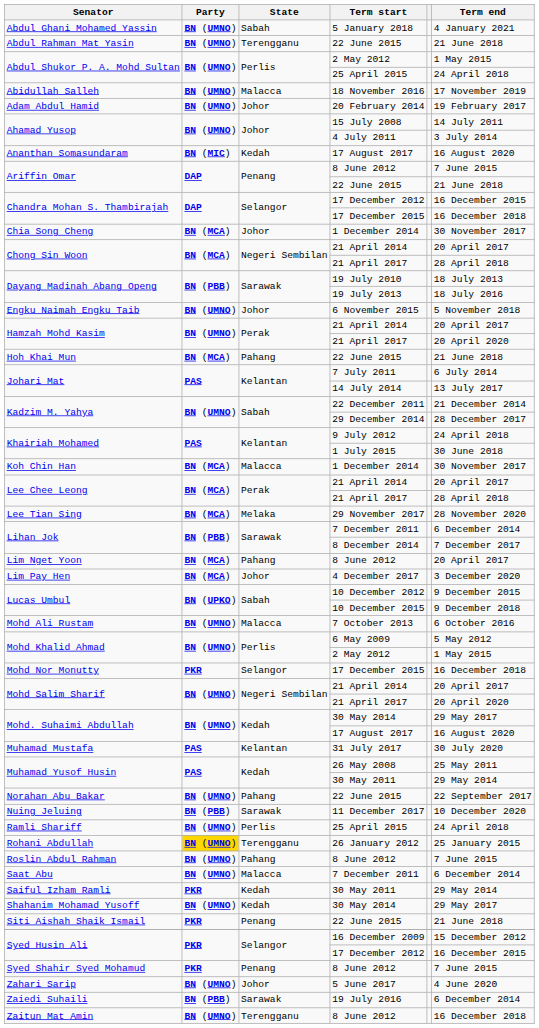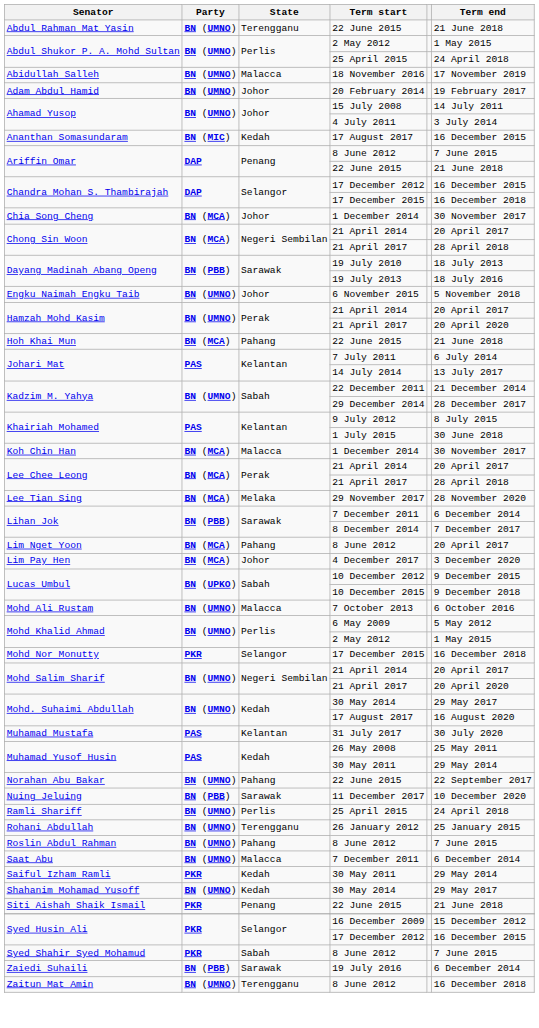 <table class="wikitable sortable">
 <tr>
 <th>Senator</th>
 <th>Party</th>
 <th>State</th>
 <th>Term start</th>
 <th></th>
 <th>Term end</th>
-</tr>
-<tr>
-<td><a href='#'>Abdul Ghani Mohamed Yassin</a></td>
-<td><strong><a href='#'>BN</a></strong> (<strong><a href='#'>UMNO</a></strong>)</td>
-<td>Sabah</td>
-<td>5 January 2018</td>
-<td></td>
-<td>4 January 2021</td>
 </tr>
 <tr>
 <td><a href='#'>Abdul Rahman Mat Yasin</a></td>
 <td><strong><a href='#'>BN</a></strong> (<strong><a href='#'>UMNO</a></strong>)</td>
 <td>Terengganu</td>
 <td>22 June 2015</td>
 <td></td>
 <td>21 June 2018</td>
 </tr>
 <tr>
 <td rowspan=2><a href='#'>Abdul Shukor P. A. Mohd Sultan</a></td>
 <td rowspan=2><strong><a href='#'>BN</a></strong> (<strong><a href='#'>UMNO</a></strong>)</td>
 <td rowspan=2>Perlis</td>
 <td>2 May 2012</td>
 <td></td>
 <td>1 May 2015</td>
 </tr>
 <tr>
 <td>25 April 2015</td>
 <td></td>
 <td>24 April 2018</td>
 </tr>
 <tr>
 <td><a href='#'>Abidullah Salleh</a></td>
 <td><strong><a href='#'>BN</a></strong> (<strong><a href='#'>UMNO</a></strong>)</td>
 <td>Malacca</td>
 <td>18 November 2016</td>
 <td></td>
 <td>17 November 2019</td>
 </tr>
 <tr>
 <td><a href='#'>Adam Abdul Hamid</a></td>
 <td><strong><a href='#'>BN</a></strong> (<strong><a href='#'>UMNO</a></strong>)</td>
 <td>Johor</td>
 <td>20 February 2014</td>
 <td></td>
 <td>19 February 2017</td>
 </tr>
 <tr>
 <td rowspan=2><a href='#'>Ahamad Yusop</a></td>
 <td rowspan=2><strong><a href='#'>BN</a></strong> (<strong><a href='#'>UMNO</a></strong>)</td>
 <td rowspan=2>Johor</td>
 <td>15 July 2008</td>
 <td></td>
 <td>14 July 2011</td>
 </tr>
 <tr>
 <td>4 July 2011</td>
 <td></td>
 <td>3 July 2014</td>
 </tr>
 <tr>
 <td><a href='#'>Ananthan Somasundaram</a></td>
 <td><strong><a href='#'>BN</a></strong> (<strong><a href='#'>MIC</a></strong>)</td>
 <td>Kedah</td>
 <td>17 August 2017</td>
 <td></td>
-<td>16 August 2020</td>
+<td>16 December 2015</td>
 </tr>
 <tr>
 <td rowspan=2><a href='#'>Ariffin Omar</a></td>
 <td rowspan=2><strong><a href='#'>DAP</a></strong></td>
 <td rowspan=2>Penang</td>
 <td>8 June 2012</td>
 <td></td>
 <td>7 June 2015</td>
 </tr>
 <tr>
 <td>22 June 2015</td>
 <td></td>
 <td>21 June 2018</td>
 </tr>
 <tr>
 <td rowspan=2><a href='#'>Chandra Mohan S. Thambirajah</a></td>
 <td rowspan=2><strong><a href='#'>DAP</a></strong></td>
 <td rowspan=2>Selangor</td>
 <td>17 December 2012</td>
 <td></td>
 <td>16 December 2015</td>
 </tr>
 <tr>
 <td>17 December 2015</td>
 <td></td>
 <td>16 December 2018</td>
 </tr>
 <tr>
 <td><a href='#'>Chia Song Cheng</a></td>
 <td><strong><a href='#'>BN</a></strong> (<strong><a href='#'>MCA</a></strong>)</td>
 <td>Johor</td>
 <td>1 December 2014</td>
 <td></td>
 <td>30 November 2017</td>
 </tr>
 <tr>
 <td rowspan=2><a href='#'>Chong Sin Woon</a></td>
 <td rowspan=2><strong><a href='#'>BN</a></strong> (<strong><a href='#'>MCA</a></strong>)</td>
 <td rowspan=2>Negeri Sembilan</td>
 <td>21 April 2014</td>
 <td></td>
 <td>20 April 2017</td>
 </tr>
 <tr>
 <td>21 April 2017</td>
 <td></td>
 <td>28 April 2018</td>
 </tr>
 <tr>
 <td rowspan=2><a href='#'>Dayang Madinah Abang Openg</a></td>
 <td rowspan=2><strong><a href='#'>BN</a></strong> (<strong><a href='#'>PBB</a></strong>)</td>
 <td rowspan=2>Sarawak</td>
 <td>19 July 2010</td>
 <td></td>
 <td>18 July 2013</td>
 </tr>
 <tr>
 <td>19 July 2013</td>
 <td></td>
 <td>18 July 2016</td>
 </tr>
 <tr>
 <td><a href='#'>Engku Naimah Engku Taib</a></td>
 <td><strong><a href='#'>BN</a></strong> (<strong><a href='#'>UMNO</a></strong>)</td>
 <td>Johor</td>
 <td>6 November 2015</td>
 <td></td>
 <td>5 November 2018</td>
 </tr>
 <tr>
 <td rowspan=2><a href='#'>Hamzah Mohd Kasim</a></td>
 <td rowspan=2><strong><a href='#'>BN</a></strong> (<strong><a href='#'>UMNO</a></strong>)</td>
 <td rowspan=2>Perak</td>
 <td>21 April 2014</td>
 <td></td>
 <td>20 April 2017</td>
 </tr>
 <tr>
 <td>21 April 2017</td>
 <td></td>
 <td>20 April 2020</td>
 </tr>
 <tr>
 <td><a href='#'>Hoh Khai Mun</a></td>
 <td><strong><a href='#'>BN</a></strong> (<strong><a href='#'>MCA</a></strong>)</td>
 <td>Pahang</td>
 <td>22 June 2015</td>
 <td></td>
 <td>21 June 2018</td>
 </tr>
 <tr>
 <td rowspan=2><a href='#'>Johari Mat</a></td>
 <td rowspan=2><strong><a href='#'>PAS</a></strong></td>
 <td rowspan=2>Kelantan</td>
 <td>7 July 2011</td>
 <td></td>
 <td>6 July 2014</td>
 </tr>
 <tr>
 <td>14 July 2014</td>
 <td></td>
 <td>13 July 2017</td>
 </tr>
 <tr>
 <td rowspan=2><a href='#'>Kadzim M. Yahya</a></td>
 <td rowspan=2><strong><a href='#'>BN</a></strong> (<strong><a href='#'>UMNO</a></strong>)</td>
 <td rowspan=2>Sabah</td>
 <td>22 December 2011</td>
 <td></td>
 <td>21 December 2014</td>
 </tr>
 <tr>
 <td>29 December 2014</td>
 <td></td>
 <td>28 December 2017</td>
 </tr>
 <tr>
 <td rowspan=2><a href='#'>Khairiah Mohamed</a></td>
 <td rowspan=2><strong><a href='#'>PAS</a></strong></td>
 <td rowspan=2>Kelantan</td>
 <td>9 July 2012</td>
 <td></td>
-<td>24 April 2018</td>
+<td>8 July 2015</td>
 </tr>
 <tr>
 <td>1 July 2015</td>
 <td></td>
 <td>30 June 2018</td>
 </tr>
 <tr>
 <td><a href='#'>Koh Chin Han</a></td>
 <td><strong><a href='#'>BN</a></strong> (<strong><a href='#'>MCA</a></strong>)</td>
 <td>Malacca</td>
 <td>1 December 2014</td>
 <td></td>
 <td>30 November 2017</td>
 </tr>
 <tr>
 <td rowspan=2><a href='#'>Lee Chee Leong</a></td>
 <td rowspan=2><strong><a href='#'>BN</a></strong> (<strong><a href='#'>MCA</a></strong>)</td>
 <td rowspan=2>Perak</td>
 <td>21 April 2014</td>
 <td></td>
 <td>20 April 2017</td>
 </tr>
 <tr>
 <td>21 April 2017</td>
 <td></td>
 <td>28 April 2018</td>
 </tr>
 <tr>
 <td><a href='#'>Lee Tian Sing</a></td>
 <td><strong><a href='#'>BN</a></strong> (<strong><a href='#'>MCA</a></strong>)</td>
 <td>Melaka</td>
 <td>29 November 2017</td>
 <td></td>
 <td>28 November 2020</td>
 </tr>
 <tr>
 <td rowspan=2><a href='#'>Lihan Jok</a></td>
 <td rowspan=2><strong><a href='#'>BN</a></strong> (<strong><a href='#'>PBB</a></strong>)</td>
 <td rowspan=2>Sarawak</td>
 <td>7 December 2011</td>
 <td></td>
 <td>6 December 2014</td>
 </tr>
 <tr>
 <td>8 December 2014</td>
 <td></td>
 <td>7 December 2017</td>
 </tr>
 <tr>
 <td><a href='#'>Lim Nget Yoon</a></td>
 <td><strong><a href='#'>BN</a></strong> (<strong><a href='#'>MCA</a></strong>)</td>
 <td>Pahang</td>
 <td>8 June 2012</td>
 <td></td>
 <td>20 April 2017</td>
 </tr>
 <tr>
 <td><a href='#'>Lim Pay Hen</a></td>
 <td><strong><a href='#'>BN</a></strong> (<strong><a href='#'>MCA</a></strong>)</td>
 <td>Johor</td>
 <td>4 December 2017</td>
 <td></td>
 <td>3 December 2020</td>
 </tr>
 <tr>
 <td rowspan=2><a href='#'>Lucas Umbul</a></td>
 <td rowspan=2><strong><a href='#'>BN</a></strong> (<strong><a href='#'>UPKO</a></strong>)</td>
 <td rowspan=2>Sabah</td>
 <td>10 December 2012</td>
 <td></td>
 <td>9 December 2015</td>
 </tr>
 <tr>
 <td>10 December 2015</td>
 <td></td>
 <td>9 December 2018</td>
 </tr>
 <tr>
 <td><a href='#'>Mohd Ali Rustam</a></td>
 <td><strong><a href='#'>BN</a></strong> (<strong><a href='#'>UMNO</a></strong>)</td>
 <td>Malacca</td>
 <td>7 October 2013</td>
 <td></td>
 <td>6 October 2016</td>
 </tr>
 <tr>
 <td rowspan=2><a href='#'>Mohd Khalid Ahmad</a></td>
 <td rowspan=2><strong><a href='#'>BN</a></strong> (<strong><a href='#'>UMNO</a></strong>)</td>
 <td rowspan=2>Perlis</td>
 <td>6 May 2009</td>
 <td></td>
 <td>5 May 2012</td>
 </tr>
 <tr>
 <td>2 May 2012</td>
 <td></td>
 <td>1 May 2015</td>
 </tr>
 <tr>
 <td><a href='#'>Mohd Nor Monutty</a></td>
 <td><strong><a href='#'>PKR</a></strong></td>
 <td>Selangor</td>
 <td>17 December 2015</td>
 <td></td>
 <td>16 December 2018</td>
 </tr>
 <tr>
 <td rowspan=2><a href='#'>Mohd Salim Sharif</a></td>
 <td rowspan=2><strong><a href='#'>BN</a></strong> (<strong><a href='#'>UMNO</a></strong>)</td>
 <td rowspan=2>Negeri Sembilan</td>
 <td>21 April 2014</td>
 <td></td>
 <td>20 April 2017</td>
 </tr>
 <tr>
 <td>21 April 2017</td>
 <td></td>
 <td>20 April 2020</td>
 </tr>
 <tr>
 <td rowspan=2><a href='#'>Mohd. Suhaimi Abdullah</a></td>
 <td rowspan=2><strong><a href='#'>BN</a></strong> (<strong><a href='#'>UMNO</a></strong>)</td>
 <td rowspan=2>Kedah</td>
 <td>30 May 2014</td>
 <td></td>
 <td>29 May 2017</td>
 </tr>
 <tr>
 <td>17 August 2017</td>
 <td></td>
 <td>16 August 2020</td>
 </tr>
 <tr>
 <td><a href='#'>Muhamad Mustafa</a></td>
 <td><strong><a href='#'>PAS</a></strong></td>
 <td>Kelantan</td>
 <td>31 July 2017</td>
 <td></td>
 <td>30 July 2020</td>
 </tr>
 <tr>
 <td rowspan=2><a href='#'>Muhamad Yusof Husin</a></td>
 <td rowspan=2><strong><a href='#'>PAS</a></strong></td>
 <td rowspan=2>Kedah</td>
 <td>26 May 2008</td>
 <td></td>
 <td>25 May 2011</td>
 </tr>
 <tr>
 <td>30 May 2011</td>
 <td></td>
 <td>29 May 2014</td>
 </tr>
 <tr>
 <td><a href='#'>Norahan Abu Bakar</a></td>
 <td><strong><a href='#'>BN</a></strong> (<strong><a href='#'>UMNO</a></strong>)</td>
 <td>Pahang</td>
 <td>22 June 2015</td>
 <td></td>
 <td>22 September 2017</td>
 </tr>
 <tr>
 <td><a href='#'>Nuing Jeluing</a></td>
 <td><strong><a href='#'>BN</a></strong> (<strong><a href='#'>PBB</a></strong>)</td>
 <td>Sarawak</td>
 <td>11 December 2017</td>
 <td></td>
 <td>10 December 2020</td>
 </tr>
 <tr>
 <td><a href='#'>Ramli Shariff</a></td>
 <td><strong><a href='#'>BN</a></strong> (<strong><a href='#'>UMNO</a></strong>)</td>
 <td>Perlis</td>
 <td>25 April 2015</td>
 <td></td>
 <td>24 April 2018</td>
 </tr>
 <tr>
 <td><a href='#'>Rohani Abdullah</a></td>
-<td style="background: gold;"><strong><a href='#'>BN</a></strong> (<strong><a href='#'>UMNO</a></strong>)</td>
+<td><strong><a href='#'>BN</a></strong> (<strong><a href='#'>UMNO</a></strong>)</td>
 <td>Terengganu</td>
 <td>26 January 2012</td>
 <td></td>
 <td>25 January 2015</td>
 </tr>
 <tr>
 <td><a href='#'>Roslin Abdul Rahman</a></td>
 <td><strong><a href='#'>BN</a></strong> (<strong><a href='#'>UMNO</a></strong>)</td>
 <td>Pahang</td>
 <td>8 June 2012</td>
 <td></td>
 <td>7 June 2015</td>
 </tr>
 <tr>
 <td><a href='#'>Saat Abu</a></td>
 <td><strong><a href='#'>BN</a></strong> (<strong><a href='#'>UMNO</a></strong>)</td>
 <td>Malacca</td>
 <td>7 December 2011</td>
 <td></td>
 <td>6 December 2014</td>
 </tr>
 <tr>
 <td><a href='#'>Saiful Izham Ramli</a></td>
 <td><strong><a href='#'>PKR</a></strong></td>
 <td>Kedah</td>
 <td>30 May 2011</td>
 <td></td>
 <td>29 May 2014</td>
 </tr>
 <tr>
 <td><a href='#'>Shahanim Mohamad Yusoff</a></td>
 <td><strong><a href='#'>BN</a></strong> (<strong><a href='#'>UMNO</a></strong>)</td>
 <td>Kedah</td>
 <td>30 May 2014</td>
 <td></td>
 <td>29 May 2017</td>
 </tr>
 <tr>
 <td><a href='#'>Siti Aishah Shaik Ismail</a></td>
 <td><strong><a href='#'>PKR</a></strong></td>
 <td>Penang</td>
 <td>22 June 2015</td>
 <td></td>
 <td>21 June 2018</td>
 </tr>
 <tr>
 </tr>
 <tr>
 <td rowspan=2><a href='#'>Syed Husin Ali</a></td>
 <td rowspan=2><strong><a href='#'>PKR</a></strong></td>
 <td rowspan=2>Selangor</td>
 <td>16 December 2009</td>
 <td></td>
 <td>15 December 2012</td>
 </tr>
 <tr>
 <td>17 December 2012</td>
 <td></td>
 <td>16 December 2015</td>
 </tr>
 <tr>
 <td><a href='#'>Syed Shahir Syed Mohamud</a></td>
 <td><strong><a href='#'>PKR</a></strong></td>
-<td>Penang</td>
+<td>Sabah</td>
 <td>8 June 2012</td>
 <td></td>
 <td>7 June 2015</td>
-</tr>
-<tr>
-<td><a href='#'>Zahari Sarip</a></td>
-<td><strong><a href='#'>BN</a></strong> (<strong><a href='#'>UMNO</a></strong>)</td>
-<td>Johor</td>
-<td>5 June 2017</td>
-<td></td>
-<td>4 June 2020</td>
 </tr>
 <tr>
 <td><a href='#'>Zaiedi Suhaili</a></td>
 <td><strong><a href='#'>BN</a></strong> (<strong><a href='#'>PBB</a></strong>)</td>
 <td>Sarawak</td>
 <td>19 July 2016</td>
 <td></td>
 <td>6 December 2014</td>
 </tr>
 <tr>
 <td><a href='#'>Zaitun Mat Amin</a></td>
 <td><strong><a href='#'>BN</a></strong> (<strong><a href='#'>UMNO</a></strong>)</td>
 <td>Terengganu</td>
 <td>8 June 2012</td>
 <td></td>
 <td>16 December 2018</td>
 </tr>
 </table>
